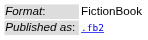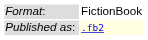 <table style="text-align:left;">
 <tr>
 <td style="background:#ddd; width:100px;"><em>Format</em>:</td>
 <td>FictionBook</td>
 </tr>
 <tr>
 <td style="background:#ddd;"><em>Published as</em>:</td>
-<td><code><a href='#'>.fb2</a></code></td>
+<td style="background: lightyellow;"><code><a href='#'>.fb2</a></code></td>
 </tr>
 </table>
